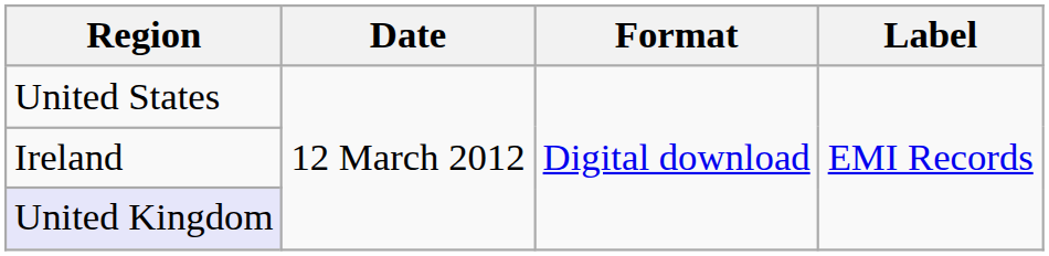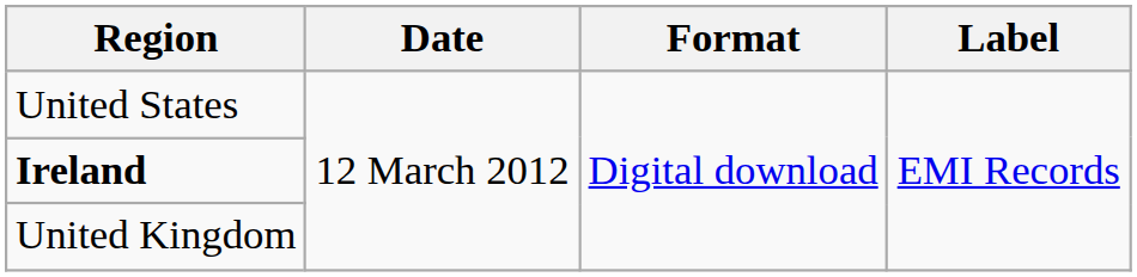 <table class=wikitable>
 <tr>
 <th>Region</th>
 <th>Date</th>
 <th>Format</th>
 <th>Label</th>
 </tr>
 <tr>
 <td>United States</td>
 <td rowspan="3">12 March 2012</td>
 <td rowspan="3"><a href='#'>Digital download</a></td>
 <td rowspan="3"><a href='#'>EMI Records</a></td>
 </tr>
 <tr>
-<td>Ireland</td>
+<td><strong>Ireland</strong></td>
 </tr>
 <tr>
-<td style="background: lavender;">United Kingdom</td>
+<td>United Kingdom</td>
 </tr>
 </table>
